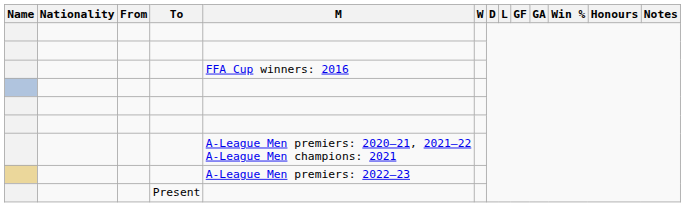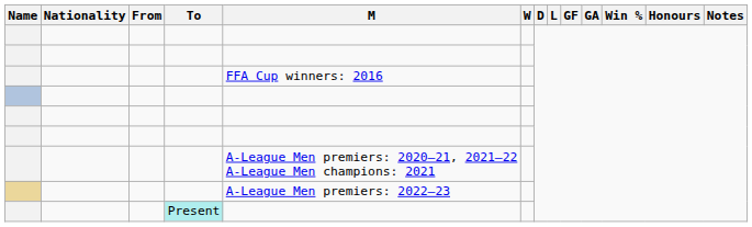 <table class="wikitable plainrowheaders sortable" style="text-align:center">
 <tr>
 <th>Name</th>
 <th>Nationality</th>
 <th>From</th>
 <th>To</th>
 <th>M</th>
 <th>W</th>
 <th>D</th>
 <th>L</th>
 <th>GF</th>
 <th>GA</th>
 <th>Win %</th>
 <th class="unsortable">Honours</th>
 <th class="unsortable">Notes</th>
 </tr>
 <tr>
 <th scope=row style=text-align:left></th>
 <td align=left></td>
 <td align=left></td>
 <td align=left><br></td>
 <td></td>
 <td></td>
 </tr>
 <tr>
 <th scope=row style=text-align:left></th>
 <td align=left></td>
 <td align=left></td>
 <td align=left><br></td>
 <td></td>
 <td></td>
 </tr>
 <tr>
 <th scope=row style=text-align:left></th>
 <td align=left></td>
 <td align=left></td>
 <td align=left><br></td>
 <td align=left><a href='#'>FFA Cup</a> winners: <a href='#'>2016</a></td>
 <td></td>
 </tr>
 <tr>
 <th scope=row style=background:#B0C4DE> </th>
 <td align=left></td>
 <td align=left></td>
 <td align=left><br></td>
 <td></td>
 <td></td>
 </tr>
 <tr>
 <th scope=row style=text-align:left></th>
 <td align=left></td>
 <td align=left></td>
 <td align=left><br></td>
 <td></td>
 <td></td>
 </tr>
 <tr>
 <th scope=row style=text-align:left></th>
 <td align=left></td>
 <td align=left></td>
 <td align=left><br></td>
 <td></td>
 <td></td>
 </tr>
 <tr>
 <th scope=row style=text-align:left></th>
 <td align=left></td>
 <td align=left></td>
 <td align=left><br></td>
 <td align=left><a href='#'>A-League Men</a> premiers: <a href='#'>2020–21</a>, <a href='#'>2021–22</a><br><a href='#'>A-League Men</a> champions: <a href='#'>2021</a></td>
 <td></td>
 </tr>
 <tr>
 <th scope=row style=background:#EBD79B> </th>
 <td align=left></td>
 <td align=left></td>
 <td align=left><br></td>
 <td align=left><a href='#'>A-League Men</a> premiers: <a href='#'>2022–23</a></td>
 <td></td>
 </tr>
 <tr>
 <th scope=row style=text-align:left></th>
 <td align=left></td>
 <td align=left></td>
-<td align=left>Present<br></td>
+<td align=left style="background: paleturquoise;">Present<br></td>
 <td align=left></td>
 <td></td>
 </tr>
 </table>
